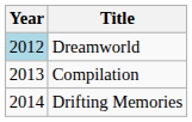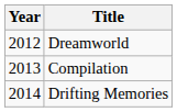 <table class="wikitable sortable">
 <tr>
 <th>Year</th>
 <th>Title</th>
 </tr>
 <tr>
-<td style="background: lightblue;">2012</td>
+<td>2012</td>
 <td>Dreamworld</td>
 </tr>
 <tr>
 <td>2013</td>
 <td>Compilation</td>
 </tr>
 <tr>
 <td>2014</td>
 <td>Drifting Memories</td>
 </tr>
 </table>
